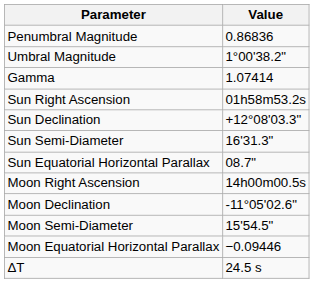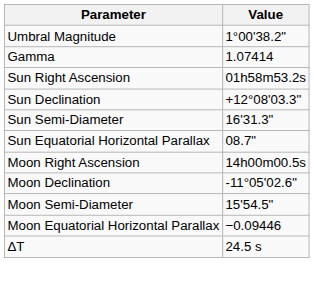 <table class="wikitable">
 <tr>
 <th>Parameter</th>
 <th>Value</th>
-</tr>
-<tr>
-<td>Penumbral Magnitude</td>
-<td>0.86836</td>
 </tr>
 <tr>
 <td>Umbral Magnitude</td>
 <td>1°00'38.2"</td>
 </tr>
 <tr>
 <td>Gamma</td>
 <td>1.07414</td>
 </tr>
 <tr>
 <td>Sun Right Ascension</td>
 <td>01h58m53.2s</td>
 </tr>
 <tr>
 <td>Sun Declination</td>
 <td>+12°08'03.3"</td>
 </tr>
 <tr>
 <td>Sun Semi-Diameter</td>
 <td>16'31.3"</td>
 </tr>
 <tr>
 <td>Sun Equatorial Horizontal Parallax</td>
 <td>08.7"</td>
 </tr>
 <tr>
 <td>Moon Right Ascension</td>
 <td>14h00m00.5s</td>
 </tr>
 <tr>
 <td>Moon Declination</td>
 <td>-11°05'02.6"</td>
 </tr>
 <tr>
 <td>Moon Semi-Diameter</td>
 <td>15'54.5"</td>
 </tr>
 <tr>
 <td>Moon Equatorial Horizontal Parallax</td>
 <td>−0.09446</td>
 </tr>
 <tr>
 <td>ΔT</td>
 <td>24.5 s</td>
 </tr>
 </table>
